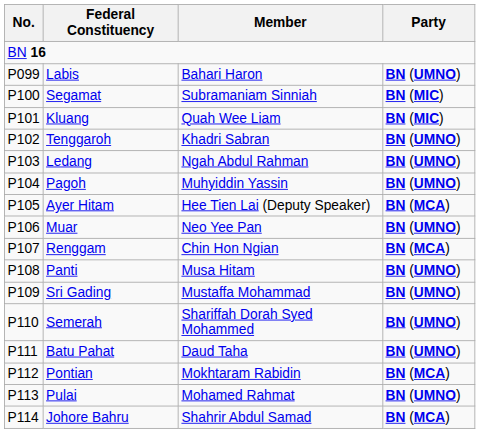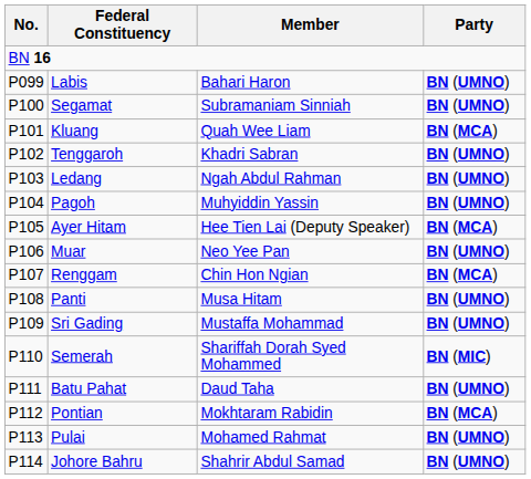 <table class="wikitable sortable">
 <tr>
 <th style="width:30px;">No.</th>
 <th style="width:150px;">Federal Constituency</th>
 <th style="width:230px;">Member</th>
 <th style="width:100px;">Party</th>
 </tr>
 <tr>
 <td colspan="4"><a href='#'>BN</a> <strong>16</strong></td>
 </tr>
 <tr>
 <td>P099</td>
 <td><a href='#'>Labis</a></td>
 <td><a href='#'>Bahari Haron</a></td>
 <td><strong><a href='#'>BN</a></strong> (<strong><a href='#'>UMNO</a></strong>)</td>
 </tr>
 <tr>
 <td>P100</td>
 <td><a href='#'>Segamat</a></td>
 <td><a href='#'>Subramaniam Sinniah</a></td>
-<td><strong><a href='#'>BN</a></strong> (<strong><a href='#'>MIC</a></strong>)</td>
+<td><strong><a href='#'>BN</a></strong> (<strong><a href='#'>UMNO</a></strong>)</td>
 </tr>
 <tr>
 <td>P101</td>
 <td><a href='#'>Kluang</a></td>
 <td><a href='#'>Quah Wee Liam</a></td>
-<td><strong><a href='#'>BN</a></strong> (<strong><a href='#'>MIC</a></strong>)</td>
+<td><strong><a href='#'>BN</a></strong> (<strong><a href='#'>MCA</a></strong>)</td>
 </tr>
 <tr>
 <td>P102</td>
 <td><a href='#'>Tenggaroh</a></td>
 <td><a href='#'>Khadri Sabran</a></td>
 <td><strong><a href='#'>BN</a></strong> (<strong><a href='#'>UMNO</a></strong>)</td>
 </tr>
 <tr>
 <td>P103</td>
 <td><a href='#'>Ledang</a></td>
 <td><a href='#'>Ngah Abdul Rahman</a></td>
 <td><strong><a href='#'>BN</a></strong> (<strong><a href='#'>UMNO</a></strong>)</td>
 </tr>
 <tr>
 <td>P104</td>
 <td><a href='#'>Pagoh</a></td>
 <td><a href='#'>Muhyiddin Yassin</a></td>
 <td><strong><a href='#'>BN</a></strong> (<strong><a href='#'>UMNO</a></strong>)</td>
 </tr>
 <tr>
 <td>P105</td>
 <td><a href='#'>Ayer Hitam</a></td>
 <td><a href='#'>Hee Tien Lai</a> (Deputy Speaker)</td>
 <td><strong><a href='#'>BN</a></strong> (<strong><a href='#'>MCA</a></strong>)</td>
 </tr>
 <tr>
 <td>P106</td>
 <td><a href='#'>Muar</a></td>
 <td><a href='#'>Neo Yee Pan</a></td>
 <td><strong><a href='#'>BN</a></strong> (<strong><a href='#'>UMNO</a></strong>)</td>
 </tr>
 <tr>
 <td>P107</td>
 <td><a href='#'>Renggam</a></td>
 <td><a href='#'>Chin Hon Ngian</a></td>
 <td><strong><a href='#'>BN</a></strong> (<strong><a href='#'>MCA</a></strong>)</td>
 </tr>
 <tr>
 <td>P108</td>
 <td><a href='#'>Panti</a></td>
 <td><a href='#'>Musa Hitam</a></td>
 <td><strong><a href='#'>BN</a></strong> (<strong><a href='#'>UMNO</a></strong>)</td>
 </tr>
 <tr>
 <td>P109</td>
 <td><a href='#'>Sri Gading</a></td>
 <td><a href='#'>Mustaffa Mohammad</a></td>
 <td><strong><a href='#'>BN</a></strong> (<strong><a href='#'>UMNO</a></strong>)</td>
 </tr>
 <tr>
 <td>P110</td>
 <td><a href='#'>Semerah</a></td>
 <td><a href='#'>Shariffah Dorah Syed Mohammed</a></td>
-<td><strong><a href='#'>BN</a></strong> (<strong><a href='#'>UMNO</a></strong>)</td>
+<td><strong><a href='#'>BN</a></strong> (<strong><a href='#'>MIC</a></strong>)</td>
 </tr>
 <tr>
 <td>P111</td>
 <td><a href='#'>Batu Pahat</a></td>
 <td><a href='#'>Daud Taha</a></td>
 <td><strong><a href='#'>BN</a></strong> (<strong><a href='#'>UMNO</a></strong>)</td>
 </tr>
 <tr>
 <td>P112</td>
 <td><a href='#'>Pontian</a></td>
 <td><a href='#'>Mokhtaram Rabidin</a></td>
 <td><strong><a href='#'>BN</a></strong> (<strong><a href='#'>MCA</a></strong>)</td>
 </tr>
 <tr>
 <td>P113</td>
 <td><a href='#'>Pulai</a></td>
 <td><a href='#'>Mohamed Rahmat</a></td>
 <td><strong><a href='#'>BN</a></strong> (<strong><a href='#'>UMNO</a></strong>)</td>
 </tr>
 <tr>
 <td>P114</td>
 <td><a href='#'>Johore Bahru</a></td>
 <td><a href='#'>Shahrir Abdul Samad</a></td>
-<td><strong><a href='#'>BN</a></strong> (<strong><a href='#'>MCA</a></strong>)</td>
+<td><strong><a href='#'>BN</a></strong> (<strong><a href='#'>UMNO</a></strong>)</td>
 </tr>
 </table>
